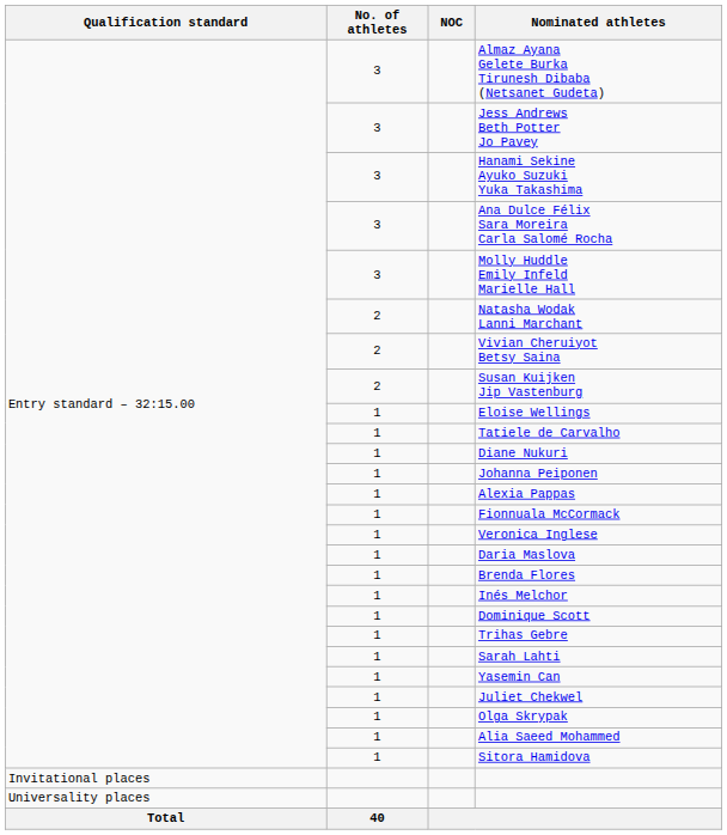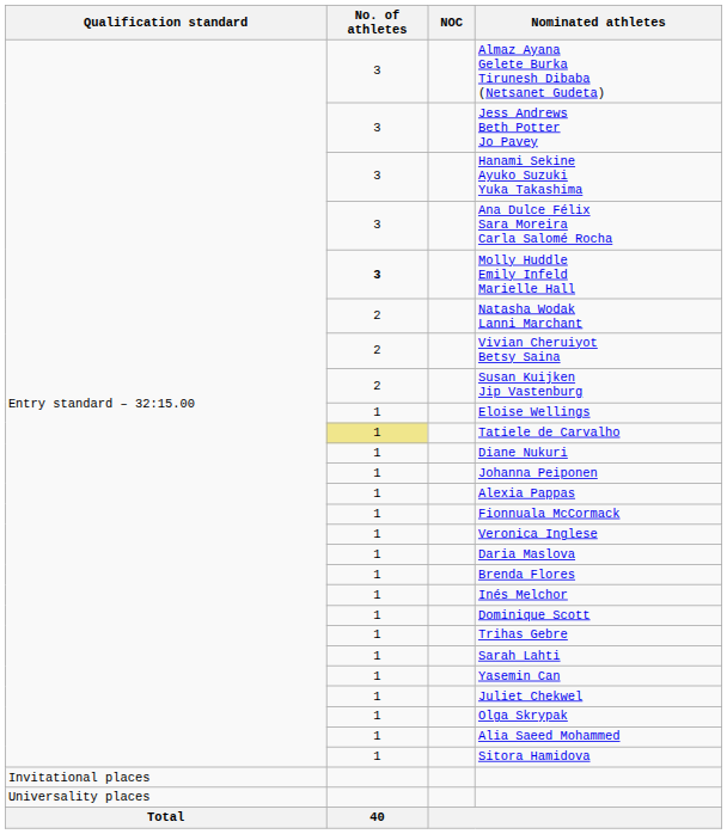 <table class="wikitable"  style="text-align:left; width:750px;">
 <tr>
 <th>Qualification standard</th>
 <th width=100>No. of athletes</th>
 <th>NOC</th>
 <th>Nominated athletes</th>
 </tr>
 <tr>
 <td rowspan=26>Entry standard – 32:15.00</td>
 <td style="text-align:center;">3</td>
 <td></td>
 <td><a href='#'>Almaz Ayana</a><br><a href='#'>Gelete Burka</a><br><a href='#'>Tirunesh Dibaba</a><br>(<a href='#'>Netsanet Gudeta</a>)</td>
 </tr>
 <tr>
 <td style="text-align:center;">3</td>
 <td></td>
 <td><a href='#'>Jess Andrews</a><br><a href='#'>Beth Potter</a><br><a href='#'>Jo Pavey</a></td>
 </tr>
 <tr>
 <td style="text-align:center;">3</td>
 <td></td>
 <td><a href='#'>Hanami Sekine</a><br><a href='#'>Ayuko Suzuki</a><br><a href='#'>Yuka Takashima</a></td>
 </tr>
 <tr>
 <td style="text-align:center;">3</td>
 <td></td>
 <td><a href='#'>Ana Dulce Félix</a><br><a href='#'>Sara Moreira</a><br><a href='#'>Carla Salomé Rocha</a></td>
 </tr>
 <tr>
-<td style="text-align:center;">3</td>
+<td style="text-align:center;"><strong>3</strong></td>
 <td></td>
 <td><a href='#'>Molly Huddle</a><br><a href='#'>Emily Infeld</a><br><a href='#'>Marielle Hall</a></td>
 </tr>
 <tr>
 <td style="text-align:center;">2</td>
 <td></td>
 <td><a href='#'>Natasha Wodak</a><br><a href='#'>Lanni Marchant</a></td>
 </tr>
 <tr>
 <td style="text-align:center;">2</td>
 <td></td>
 <td><a href='#'>Vivian Cheruiyot</a><br><a href='#'>Betsy Saina</a> </td>
 </tr>
 <tr>
 <td style="text-align:center;">2</td>
 <td></td>
 <td><a href='#'>Susan Kuijken</a> <br> <a href='#'>Jip Vastenburg</a></td>
 </tr>
 <tr>
 <td style="text-align:center;">1</td>
 <td></td>
 <td><a href='#'>Eloise Wellings</a></td>
 </tr>
 <tr>
-<td style="text-align:center;">1</td>
+<td style="background: khaki; text-align:center;">1</td>
 <td></td>
 <td><a href='#'>Tatiele de Carvalho</a></td>
 </tr>
 <tr>
 <td style="text-align:center;">1</td>
 <td></td>
 <td><a href='#'>Diane Nukuri</a></td>
 </tr>
 <tr>
 <td style="text-align:center;">1</td>
 <td></td>
 <td><a href='#'>Johanna Peiponen</a></td>
 </tr>
 <tr>
 <td style="text-align:center;">1</td>
 <td></td>
 <td><a href='#'>Alexia Pappas</a></td>
 </tr>
 <tr>
 <td style="text-align:center;">1</td>
 <td></td>
 <td><a href='#'>Fionnuala McCormack</a></td>
 </tr>
 <tr>
 <td style="text-align:center;">1</td>
 <td></td>
 <td><a href='#'>Veronica Inglese</a></td>
 </tr>
 <tr>
 <td style="text-align:center;">1</td>
 <td></td>
 <td><a href='#'>Daria Maslova</a></td>
 </tr>
 <tr>
 <td style="text-align:center;">1</td>
 <td></td>
 <td><a href='#'>Brenda Flores</a></td>
 </tr>
 <tr>
 <td style="text-align:center;">1</td>
 <td></td>
 <td><a href='#'>Inés Melchor</a></td>
 </tr>
 <tr>
 <td style="text-align:center;">1</td>
 <td></td>
 <td><a href='#'>Dominique Scott</a></td>
 </tr>
 <tr>
 <td style="text-align:center;">1</td>
 <td></td>
 <td><a href='#'>Trihas Gebre</a></td>
 </tr>
 <tr>
 <td style="text-align:center;">1</td>
 <td></td>
 <td><a href='#'>Sarah Lahti</a></td>
 </tr>
 <tr>
 <td style="text-align:center;">1</td>
 <td></td>
 <td><a href='#'>Yasemin Can</a></td>
 </tr>
 <tr>
 <td style="text-align:center;">1</td>
 <td></td>
 <td><a href='#'>Juliet Chekwel</a></td>
 </tr>
 <tr>
 <td style="text-align:center;">1</td>
 <td></td>
 <td><a href='#'>Olga Skrypak</a></td>
 </tr>
 <tr>
 <td style="text-align:center;">1</td>
 <td></td>
 <td><a href='#'>Alia Saeed Mohammed</a></td>
 </tr>
 <tr>
 <td style="text-align:center;">1</td>
 <td></td>
 <td><a href='#'>Sitora Hamidova</a></td>
 </tr>
 <tr>
 <td>Invitational places</td>
 <td></td>
 <td></td>
 <td></td>
 </tr>
 <tr>
 <td>Universality places</td>
 <td></td>
 <td></td>
 <td></td>
 </tr>
 <tr>
 <th>Total</th>
 <th>40</th>
 <th colspan=2></th>
 </tr>
 </table>
